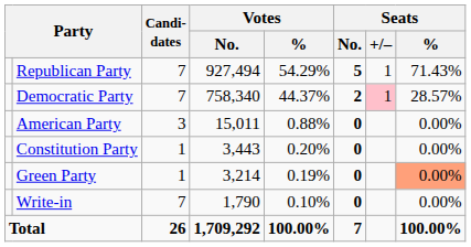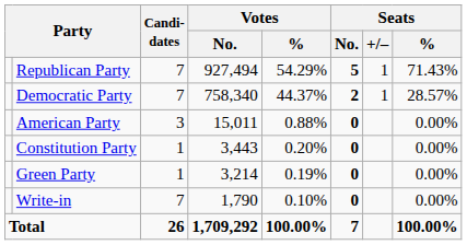 <table class="wikitable" style="font-size:100%; text-align:right;">
 <tr>
 <th colspan=2 rowspan=2>Party</th>
 <th rowspan=2><small>Candi-<br>dates</small></th>
 <th colspan=2>Votes</th>
 <th colspan=3>Seats</th>
 </tr>
 <tr>
 <th>No.</th>
 <th>%</th>
 <th>No.</th>
 <th>+/–</th>
 <th>%</th>
 </tr>
 <tr>
 <td style="background:"></td>
 <td align=left><a href='#'>Republican Party</a></td>
 <td>7</td>
 <td>927,494</td>
 <td>54.29%</td>
 <td><strong>5</strong></td>
 <td>1</td>
 <td>71.43%</td>
 </tr>
 <tr>
 <td style="background:"></td>
 <td align=left><a href='#'>Democratic Party</a></td>
 <td>7</td>
 <td>758,340</td>
 <td>44.37%</td>
 <td><strong>2</strong></td>
-<td style="background: pink;">1</td>
+<td>1</td>
 <td>28.57%</td>
 </tr>
 <tr>
 <td style="background:"></td>
 <td align=left><a href='#'>American Party</a></td>
 <td>3</td>
 <td>15,011</td>
 <td>0.88%</td>
 <td><strong>0</strong></td>
 <td></td>
 <td>0.00%</td>
 </tr>
 <tr>
 <td style="background:"></td>
 <td align=left><a href='#'>Constitution Party</a></td>
 <td>1</td>
 <td>3,443</td>
 <td>0.20%</td>
 <td><strong>0</strong></td>
 <td></td>
 <td>0.00%</td>
 </tr>
 <tr>
 <td style="background:"></td>
 <td align=left><a href='#'>Green Party</a></td>
 <td>1</td>
 <td>3,214</td>
 <td>0.19%</td>
 <td><strong>0</strong></td>
 <td></td>
-<td style="background: lightsalmon;">0.00%</td>
+<td>0.00%</td>
 </tr>
 <tr>
 <td style="background:"></td>
 <td align=left><a href='#'>Write-in</a></td>
 <td>7</td>
 <td>1,790</td>
 <td>0.10%</td>
 <td><strong>0</strong></td>
 <td></td>
 <td>0.00%</td>
 </tr>
 <tr style="font-weight:bold">
 <td colspan=2 align=left>Total</td>
 <td>26</td>
 <td>1,709,292</td>
 <td>100.00%</td>
 <td>7</td>
 <td></td>
 <td>100.00%</td>
 </tr>
 </table>
